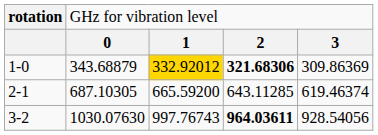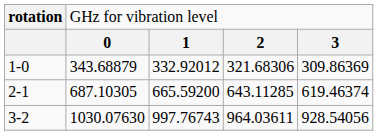 <table class="wikitable">
 <tr>
 <th>rotation</th>
 <td colspan=4>GHz for vibration level</td>
 </tr>
 <tr>
 <th></th>
 <th>0</th>
 <th>1</th>
 <th>2</th>
 <th>3</th>
 </tr>
 <tr>
 <td>1-0</td>
 <td>343.68879</td>
-<td style="background: gold;">332.92012</td>
-<td><strong>321.68306</strong></td>
+<td>332.92012</td>
+<td>321.68306</td>
 <td>309.86369</td>
 </tr>
 <tr>
 <td>2-1</td>
 <td>687.10305</td>
 <td>665.59200</td>
 <td>643.11285</td>
 <td>619.46374</td>
 </tr>
 <tr>
 <td>3-2</td>
 <td>1030.07630</td>
 <td>997.76743</td>
-<td><strong>964.03611</strong></td>
+<td>964.03611</td>
 <td>928.54056</td>
 </tr>
 </table>
